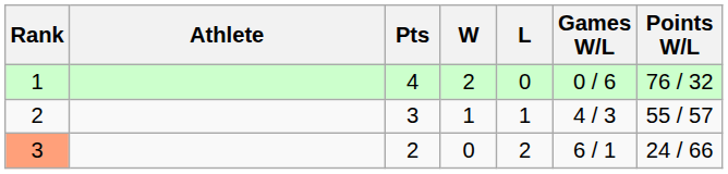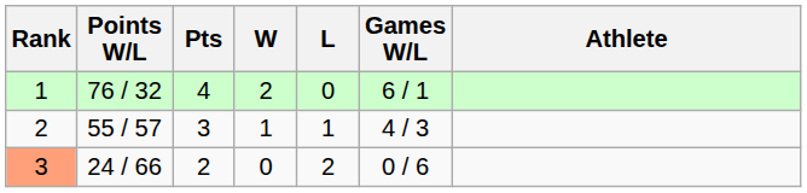 <table class="wikitable" style="text-align: center; font-size:90% ">
 <tr>
 <th width="20">Rank</th>
-<th width="200">Athlete</th>
+<th width="50">Points<br>W/L</th>
 <th width="30">Pts</th>
 <th width="30">W</th>
 <th width="30">L</th>
 <th width="40">Games<br>W/L</th>
-<th width="50">Points<br>W/L</th>
+<th width="200">Athlete</th>
 </tr>
 <tr bgcolor=#ccffcc>
 <td>1</td>
-<td align=left></td>
+<td>76 / 32</td>
 <td>4</td>
 <td>2</td>
 <td>0</td>
-<td>0 / 6</td>
-<td>76 / 32</td>
+<td>6 / 1</td>
+<td align=left></td>
 </tr>
 <tr>
 <td>2</td>
-<td align=left></td>
+<td>55 / 57</td>
 <td>3</td>
 <td>1</td>
 <td>1</td>
 <td>4 / 3</td>
-<td>55 / 57</td>
+<td align=left></td>
 </tr>
 <tr>
 <td style="background: lightsalmon;">3</td>
-<td align=left></td>
+<td>24 / 66</td>
 <td>2</td>
 <td>0</td>
 <td>2</td>
-<td>6 / 1</td>
-<td>24 / 66</td>
+<td>0 / 6</td>
+<td align=left></td>
 </tr>
 </table>
